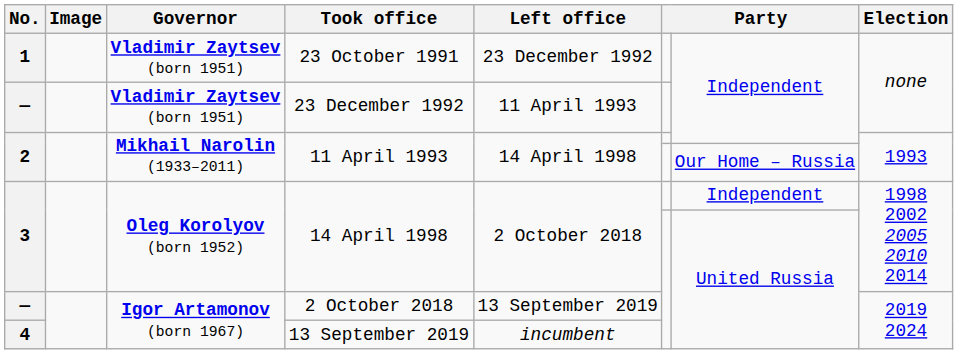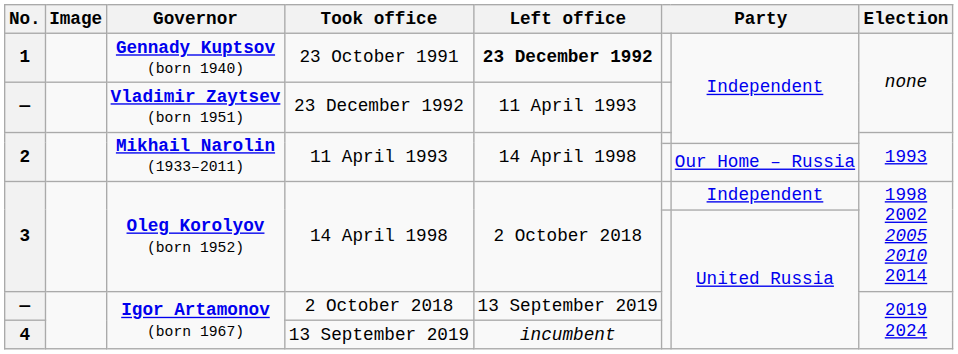 <table class="wikitable" style="text-align: center;">
 <tr>
 <th>No.</th>
 <th>Image</th>
 <th>Governor</th>
 <th>Took office</th>
 <th>Left office</th>
 <th colspan=2>Party</th>
 <th>Election</th>
 </tr>
 <tr>
 <th>1</th>
 <td></td>
-<td><strong><a href='#'>Vladimir Zaytsev</a></strong><br><small>(born 1951)</small></td>
+<td><strong><a href='#'>Gennady Kuptsov</a></strong><br><small>(born 1940)</small></td>
 <td>23 October 1991</td>
-<td>23 December 1992</td>
+<td><strong>23 December 1992</strong></td>
 <td style="color:inherit;background: "></td>
 <td rowspan=3><a href='#'>Independent</a></td>
 <td rowspan=2><em>none</em></td>
 </tr>
 <tr>
 <th>—</th>
 <td></td>
 <td><strong><a href='#'>Vladimir Zaytsev</a></strong><br><small>(born 1951)</small></td>
 <td>23 December 1992</td>
 <td>11 April 1993</td>
 <td style="background: "></td>
 </tr>
 <tr>
 <th rowspan=2>2</th>
 <td rowspan=2></td>
 <td rowspan=2><strong><a href='#'>Mikhail Narolin</a></strong><br><small>(1933–2011)</small></td>
 <td rowspan=2>11 April 1993</td>
 <td rowspan=2>14 April 1998</td>
 <td style="background: "></td>
 <td rowspan=2><a href='#'>1993</a></td>
 </tr>
 <tr>
 <td style="color:inherit;background: "></td>
 <td><a href='#'>Our Home – Russia</a></td>
 </tr>
 <tr>
 <th rowspan=2>3</th>
 <td rowspan=2></td>
 <td rowspan=2><strong><a href='#'>Oleg Korolyov</a></strong><br><small>(born 1952)</small></td>
 <td rowspan=2>14 April 1998</td>
 <td rowspan=2>2 October 2018</td>
 <td style="color:inherit;background: "></td>
 <td><a href='#'>Independent</a></td>
 <td rowspan=2><a href='#'>1998</a><br><a href='#'>2002</a><br><em><a href='#'>2005</a></em><br><em><a href='#'>2010</a></em><br><a href='#'>2014</a></td>
 </tr>
 <tr>
 <td rowspan=3; style="background: "></td>
 <td rowspan=3><a href='#'>United Russia</a></td>
 </tr>
 <tr>
 <th>—</th>
 <td rowspan=2></td>
 <td rowspan=2><strong><a href='#'>Igor Artamonov</a></strong><br><small>(born 1967)</small></td>
 <td>2 October 2018</td>
 <td>13 September 2019</td>
 <td rowspan=2><a href='#'>2019</a><br><a href='#'>2024</a></td>
 </tr>
 <tr>
 <th>4</th>
 <td>13 September 2019</td>
 <td><em>incumbent</em></td>
 </tr>
 </table>
